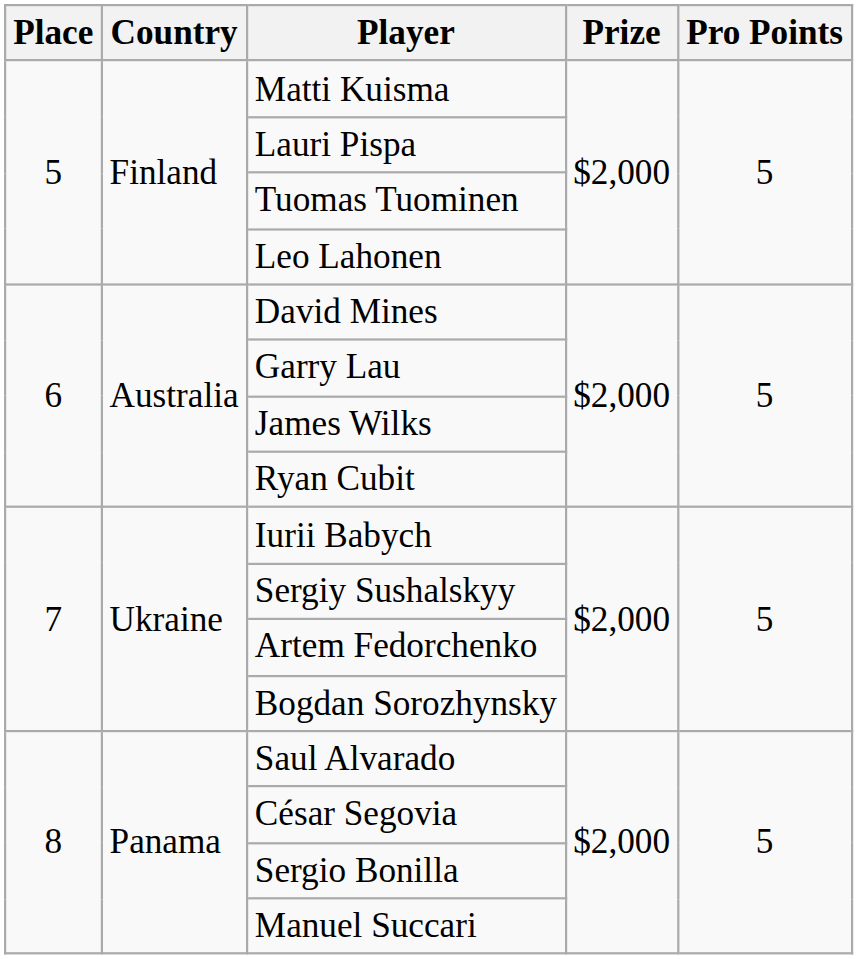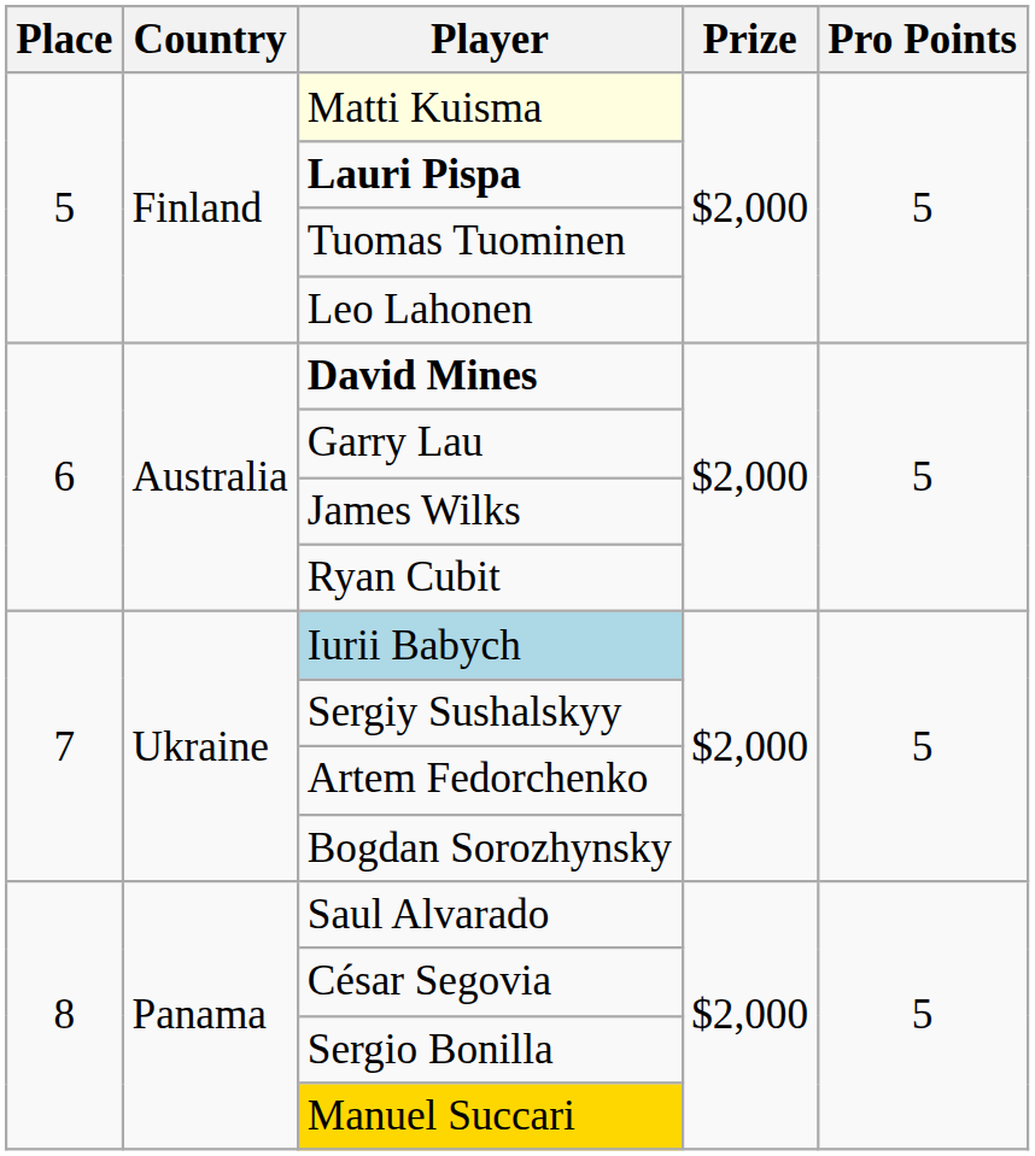 <table class="wikitable">
 <tr>
 <th>Place</th>
 <th>Country</th>
 <th>Player</th>
 <th>Prize</th>
 <th>Pro Points</th>
 </tr>
 <tr>
 <td rowspan="4" align=center>5</td>
 <td rowspan="4"> Finland</td>
-<td>Matti Kuisma</td>
+<td style="background: lightyellow;">Matti Kuisma</td>
 <td rowspan="4" align=center>$2,000</td>
 <td rowspan="4" align=center>5</td>
 </tr>
 <tr>
-<td>Lauri Pispa</td>
+<td><strong>Lauri Pispa</strong></td>
 </tr>
 <tr>
 <td>Tuomas Tuominen</td>
 </tr>
 <tr>
 <td>Leo Lahonen</td>
 </tr>
 <tr>
 <td rowspan="4" align=center>6</td>
 <td rowspan="4"> Australia</td>
-<td>David Mines</td>
+<td><strong>David Mines</strong></td>
 <td rowspan="4" align=center>$2,000</td>
 <td rowspan="4" align=center>5</td>
 </tr>
 <tr>
 <td>Garry Lau</td>
 </tr>
 <tr>
 <td>James Wilks</td>
 </tr>
 <tr>
 <td>Ryan Cubit</td>
 </tr>
 <tr>
 <td rowspan="4" align=center>7</td>
 <td rowspan="4"> Ukraine</td>
-<td>Iurii Babych</td>
+<td style="background: lightblue;">Iurii Babych</td>
 <td rowspan="4" align=center>$2,000</td>
 <td rowspan="4" align=center>5</td>
 </tr>
 <tr>
 <td>Sergiy Sushalskyy</td>
 </tr>
 <tr>
 <td>Artem Fedorchenko</td>
 </tr>
 <tr>
 <td>Bogdan Sorozhynsky</td>
 </tr>
 <tr>
 <td rowspan="4" align=center>8</td>
 <td rowspan="4"> Panama</td>
 <td>Saul Alvarado</td>
 <td rowspan="4" align=center>$2,000</td>
 <td rowspan="4" align=center>5</td>
 </tr>
 <tr>
 <td>César Segovia</td>
 </tr>
 <tr>
 <td>Sergio Bonilla</td>
 </tr>
 <tr>
-<td>Manuel Succari</td>
+<td style="background: gold;">Manuel Succari</td>
 </tr>
 </table>
